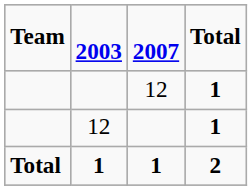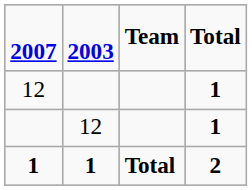 <table class="wikitable" style="text-align:center; font-size:90%">
 <tr bgcolor=>
+<td><strong><br><a href='#'>2007</a></strong></td>
+<td><strong><br><a href='#'>2003</a></strong></td>
 <td><strong>Team</strong></td>
-<td><strong><br><a href='#'>2003</a></strong></td>
-<td><strong><br><a href='#'>2007</a></strong></td>
 <td><strong>Total</strong></td>
 </tr>
 <tr>
+<td>12</td>
+<td></td>
 <td align=left></td>
-<td></td>
-<td>12</td>
 <td><strong>1</strong></td>
 </tr>
 <tr>
+<td></td>
+<td>12</td>
 <td align=left></td>
-<td>12</td>
-<td></td>
 <td><strong>1</strong></td>
 </tr>
 <tr>
-<td align=left><strong>Total</strong></td>
 <td><strong>1</strong></td>
 <td><strong>1</strong></td>
+<td align=left><strong>Total</strong></td>
 <td><strong>2</strong></td>
 </tr>
 </table>
